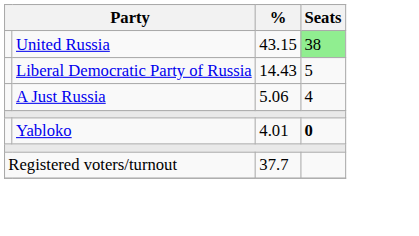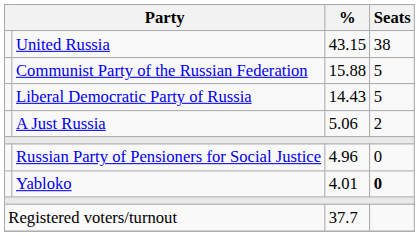 <table class="wikitable">
 <tr>
 <th colspan=2>Party</th>
 <th>%</th>
 <th>Seats</th>
 </tr>
 <tr>
 <td style="background:"></td>
 <td><a href='#'>United Russia</a></td>
 <td>43.15</td>
-<td style="background: lightgreen;">38</td>
+<td>38</td>
+</tr>
+<tr>
+<td style="background:"></td>
+<td><a href='#'>Communist Party of the Russian Federation</a></td>
+<td>15.88</td>
+<td>5</td>
 </tr>
 <tr>
 <td style="background:"></td>
 <td><a href='#'>Liberal Democratic Party of Russia</a></td>
 <td>14.43</td>
 <td>5</td>
 </tr>
 <tr>
 <td style="background:"></td>
 <td><a href='#'>A Just Russia</a></td>
 <td>5.06</td>
-<td>4</td>
+<td>2</td>
 </tr>
 <tr>
 <td colspan=4 style="background:#E9E9E9;"></td>
+</tr>
+<tr>
+<td style="background:"></td>
+<td><a href='#'>Russian Party of Pensioners for Social Justice</a></td>
+<td>4.96</td>
+<td>0</td>
 </tr>
 <tr>
 <td style="background:"></td>
 <td><a href='#'>Yabloko</a></td>
 <td>4.01</td>
 <td><strong>0</strong></td>
 </tr>
 <tr>
 <td colspan=4 style="background:#E9E9E9;"></td>
 </tr>
 <tr>
 <td align=left colspan=2>Registered voters/turnout</td>
 <td>37.7</td>
 <td></td>
 </tr>
 <tr>
 </tr>
 </table>
